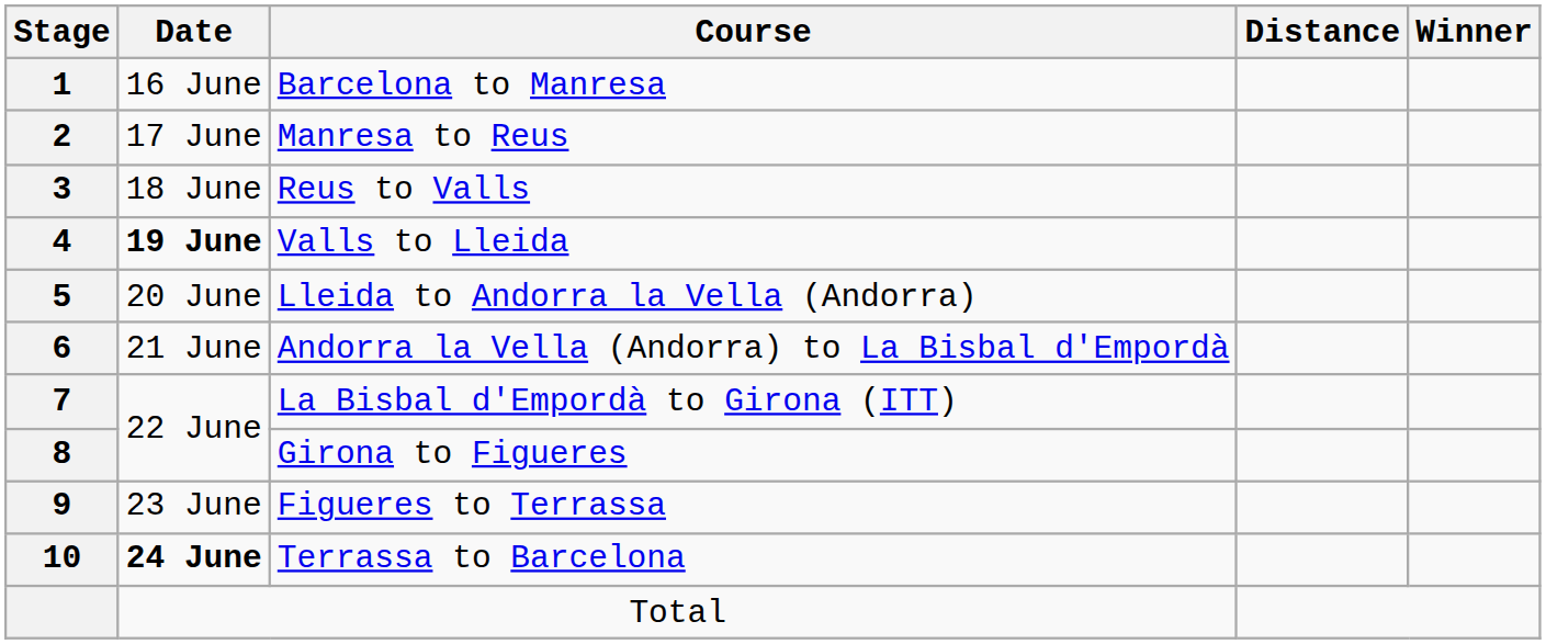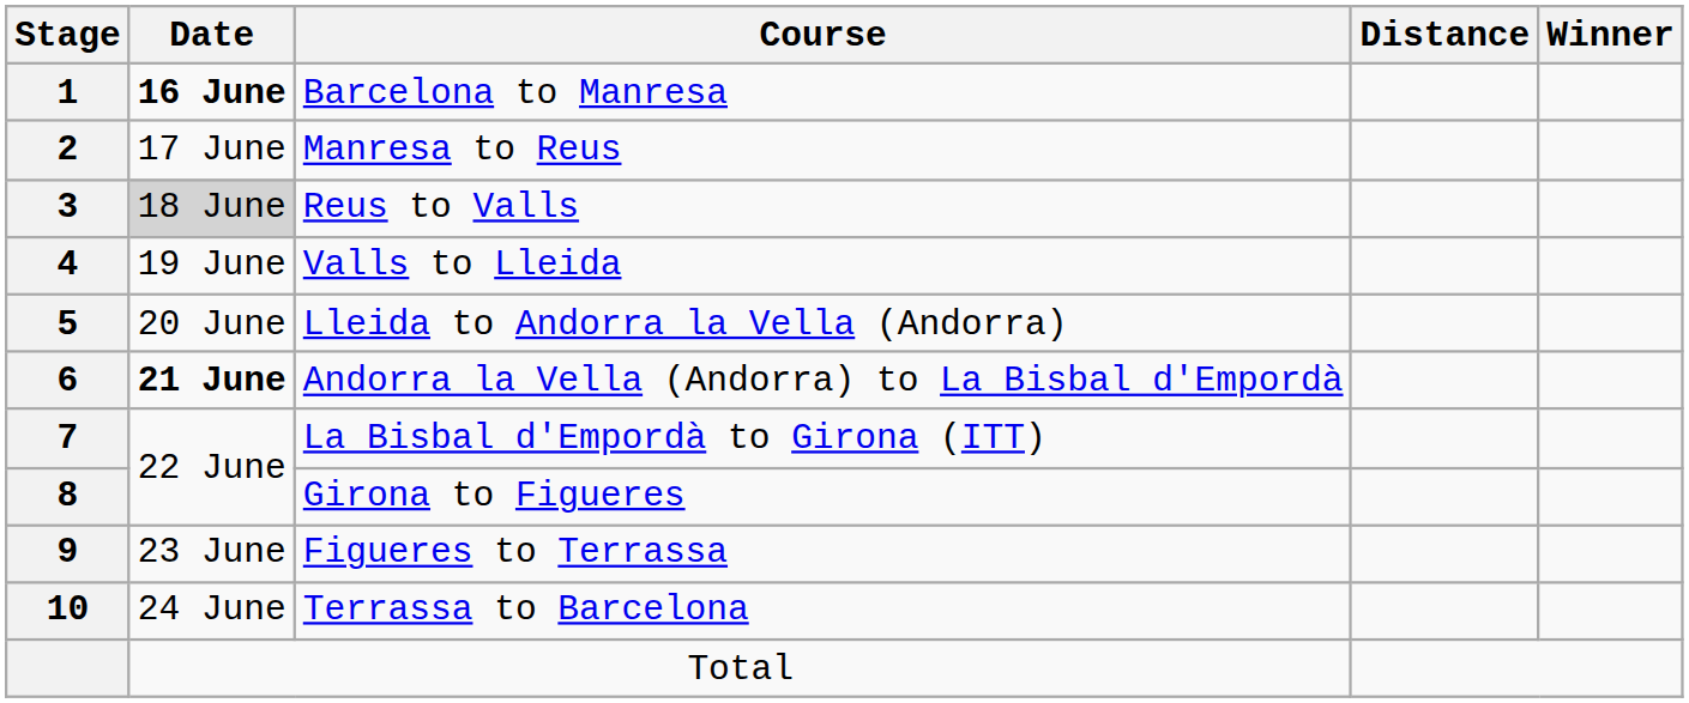 <table class="wikitable">
 <tr>
 <th scope="col">Stage</th>
 <th scope="col">Date</th>
 <th scope="col">Course</th>
 <th scope="col">Distance</th>
 <th scope="col">Winner</th>
 </tr>
 <tr>
 <th scope="row">1</th>
-<td style="text-align:right">16 June</td>
+<td style="text-align:right"><strong>16 June</strong></td>
 <td><a href='#'>Barcelona</a> to <a href='#'>Manresa</a></td>
 <td style="text-align:center;"></td>
 <td></td>
 </tr>
 <tr>
 <th scope="row">2</th>
 <td style="text-align:right">17 June</td>
 <td><a href='#'>Manresa</a> to <a href='#'>Reus</a></td>
 <td style="text-align:center;"></td>
 <td></td>
 </tr>
 <tr>
 <th scope="row">3</th>
-<td style="text-align:right">18 June</td>
+<td style="background: lightgrey; text-align:right">18 June</td>
 <td><a href='#'>Reus</a> to <a href='#'>Valls</a></td>
 <td style="text-align:center;"></td>
 <td></td>
 </tr>
 <tr>
 <th scope="row">4</th>
-<td style="text-align:right"><strong>19 June</strong></td>
+<td style="text-align:right">19 June</td>
 <td><a href='#'>Valls</a> to <a href='#'>Lleida</a></td>
 <td style="text-align:center;"></td>
 <td></td>
 </tr>
 <tr>
 <th scope="row">5</th>
 <td style="text-align:right">20 June</td>
 <td><a href='#'>Lleida</a> to <a href='#'>Andorra la Vella</a> (Andorra)</td>
 <td style="text-align:center;"></td>
 <td></td>
 </tr>
 <tr>
 <th scope="row">6</th>
-<td style="text-align:right">21 June</td>
+<td style="text-align:right"><strong>21 June</strong></td>
 <td><a href='#'>Andorra la Vella</a> (Andorra) to <a href='#'>La Bisbal d'Empordà</a></td>
 <td style="text-align:center;"></td>
 <td></td>
 </tr>
 <tr>
 <th scope="row">7</th>
 <td rowspan="2">22 June</td>
 <td><a href='#'>La Bisbal d'Empordà</a> to <a href='#'>Girona</a> (<a href='#'>ITT</a>)</td>
 <td style="text-align:center;"></td>
 <td></td>
 </tr>
 <tr>
 <th scope="row">8</th>
 <td><a href='#'>Girona</a> to <a href='#'>Figueres</a></td>
 <td style="text-align:center;"></td>
 <td></td>
 </tr>
 <tr>
 <th scope="row">9</th>
 <td style="text-align:right">23 June</td>
 <td><a href='#'>Figueres</a> to <a href='#'>Terrassa</a></td>
 <td style="text-align:center;"></td>
 <td></td>
 </tr>
 <tr>
 <th scope="row">10</th>
-<td style="text-align:right"><strong>24 June</strong></td>
+<td style="text-align:right">24 June</td>
 <td><a href='#'>Terrassa</a> to <a href='#'>Barcelona</a></td>
 <td style="text-align:center;"></td>
 <td></td>
 </tr>
 <tr>
 <th scope="row"></th>
 <td colspan="2" style="text-align:center">Total</td>
 <td colspan="5" style="text-align:center"></td>
 </tr>
 </table>
